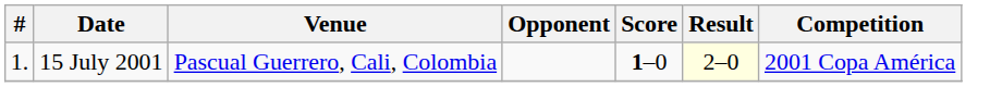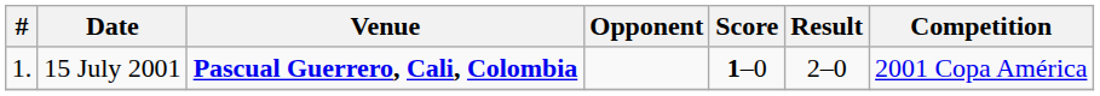 <table class="wikitable">
 <tr>
 <th>#</th>
 <th>Date</th>
 <th>Venue</th>
 <th>Opponent</th>
 <th>Score</th>
 <th>Result</th>
 <th>Competition</th>
 </tr>
 <tr>
 <td>1.</td>
 <td>15 July 2001</td>
-<td><a href='#'>Pascual Guerrero</a>, <a href='#'>Cali</a>, <a href='#'>Colombia</a></td>
+<td><strong><a href='#'>Pascual Guerrero</a>, <a href='#'>Cali</a>, <a href='#'>Colombia</a></strong></td>
 <td></td>
 <td align=center><strong>1</strong>–0</td>
-<td align=center style="background: lightyellow;">2–0</td>
+<td align=center>2–0</td>
 <td><a href='#'>2001 Copa América</a></td>
 </tr>
 <tr>
 </tr>
 </table>
